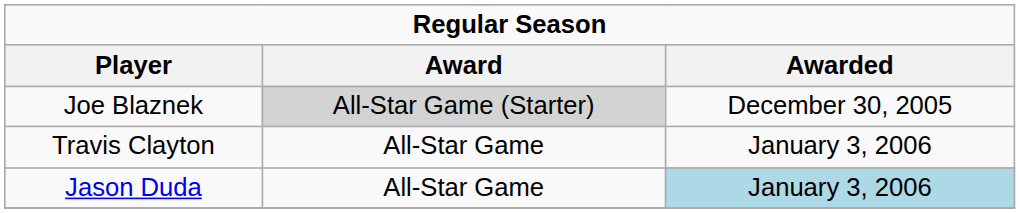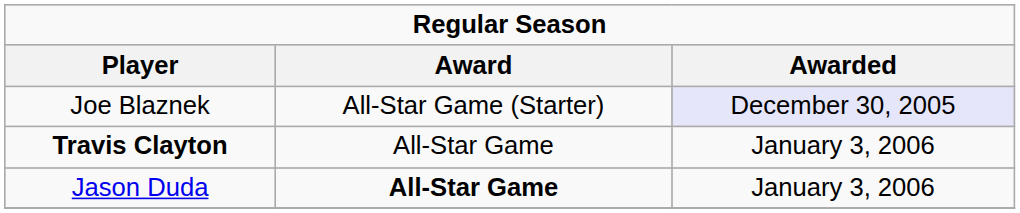 <table class="wikitable"  style="width:50%; text-align:center;">
 <tr>
 <td colspan="10" style="text-align:center;"><strong>Regular Season</strong></td>
 </tr>
 <tr>
 <th>Player</th>
 <th>Award</th>
 <th>Awarded</th>
 </tr>
 <tr>
 <td>Joe Blaznek</td>
-<td style="background: lightgrey;">All-Star Game (Starter)</td>
-<td>December 30, 2005 </td>
+<td>All-Star Game (Starter)</td>
+<td style="background: lavender;">December 30, 2005 </td>
 </tr>
 <tr>
-<td>Travis Clayton</td>
+<td><strong>Travis Clayton</strong></td>
 <td>All-Star Game</td>
 <td>January 3, 2006 </td>
 </tr>
 <tr>
 <td><a href='#'>Jason Duda</a></td>
-<td>All-Star Game</td>
-<td style="background: lightblue;">January 3, 2006 </td>
+<td><strong>All-Star Game</strong></td>
+<td>January 3, 2006 </td>
 </tr>
 <tr>
 </tr>
 </table>
